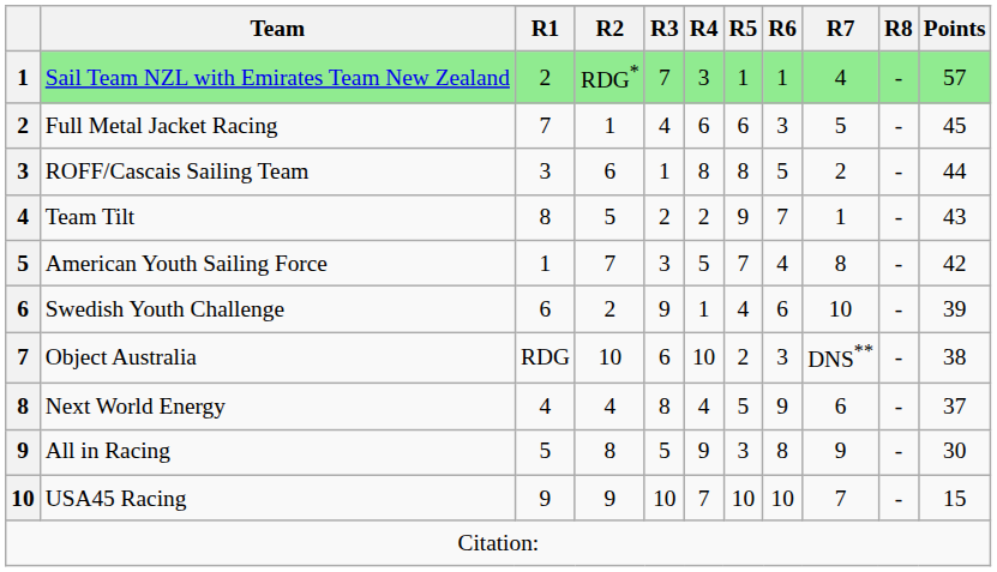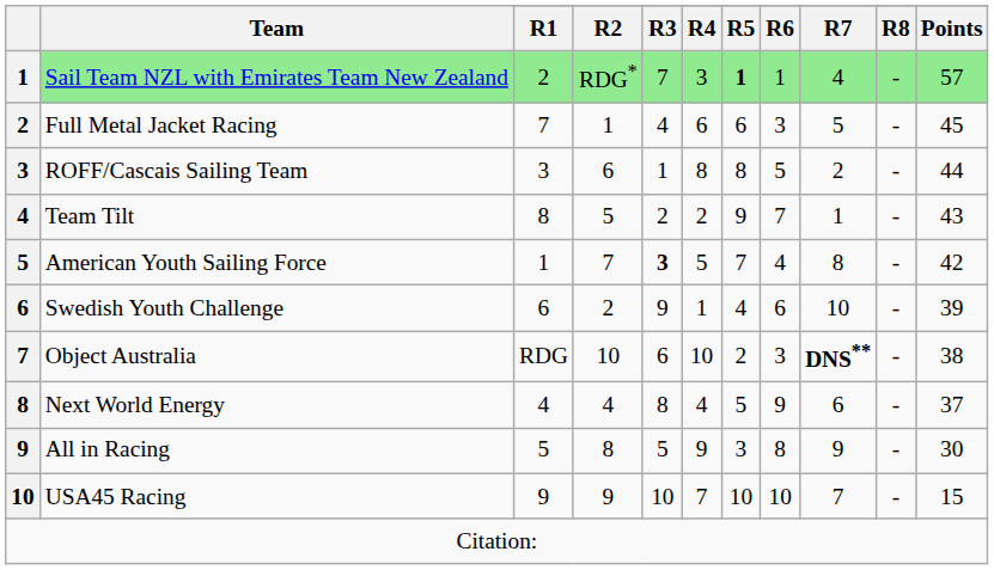 <table class="wikitable" style="font-size:10pt;line-height:1.5;text-align: center;">
 <tr>
 <th rowspan="2"></th>
 <th rowspan="2">Team</th>
 </tr>
 <tr>
 <th>R1</th>
 <th>R2</th>
 <th>R3</th>
 <th>R4</th>
 <th>R5</th>
 <th>R6</th>
 <th>R7</th>
 <th>R8</th>
 <th>Points</th>
 </tr>
 <tr>
 <th>1</th>
 <td align="left" bgcolor="#90EB90"> <a href='#'>Sail Team NZL with Emirates Team New Zealand</a></td>
 <td bgcolor="#90EB90">2</td>
 <td bgcolor="#90EB90">RDG<sup>*</sup></td>
 <td bgcolor="#90EB90">7</td>
 <td bgcolor="#90EB90">3</td>
-<td bgcolor="#90EB90">1</td>
+<td bgcolor="#90EB90"><strong>1</strong></td>
 <td bgcolor="#90EB90">1</td>
 <td bgcolor="#90EB90">4</td>
 <td bgcolor="#90EB90">-</td>
 <td bgcolor="#90EB90">57</td>
 </tr>
 <tr>
 <th>2</th>
 <td align="left"> Full Metal Jacket Racing</td>
 <td>7</td>
 <td>1</td>
 <td>4</td>
 <td>6</td>
 <td>6</td>
 <td>3</td>
 <td>5</td>
 <td>-</td>
 <td>45</td>
 </tr>
 <tr>
 <th>3</th>
 <td align="left"> ROFF/Cascais Sailing Team</td>
 <td>3</td>
 <td>6</td>
 <td>1</td>
 <td>8</td>
 <td>8</td>
 <td>5</td>
 <td>2</td>
 <td>-</td>
 <td>44</td>
 </tr>
 <tr>
 <th>4</th>
 <td align="left"> Team Tilt</td>
 <td>8</td>
 <td>5</td>
 <td>2</td>
 <td>2</td>
 <td>9</td>
 <td>7</td>
 <td>1</td>
 <td>-</td>
 <td>43</td>
 </tr>
 <tr>
 <th>5</th>
 <td align="left"> American Youth Sailing Force</td>
 <td>1</td>
 <td>7</td>
-<td>3</td>
+<td><strong>3</strong></td>
 <td>5</td>
 <td>7</td>
 <td>4</td>
 <td>8</td>
 <td>-</td>
 <td>42</td>
 </tr>
 <tr>
 <th>6</th>
 <td align="left"> Swedish Youth Challenge</td>
 <td>6</td>
 <td>2</td>
 <td>9</td>
 <td>1</td>
 <td>4</td>
 <td>6</td>
 <td>10</td>
 <td>-</td>
 <td>39</td>
 </tr>
 <tr>
 <th>7</th>
 <td align="left"> Object Australia</td>
 <td>RDG</td>
 <td>10</td>
 <td>6</td>
 <td>10</td>
 <td>2</td>
 <td>3</td>
-<td>DNS<sup>**</sup></td>
+<td><strong>DNS<sup>**</sup></strong></td>
 <td>-</td>
 <td>38</td>
 </tr>
 <tr>
 <th>8</th>
 <td align="left"> Next World Energy</td>
 <td>4</td>
 <td>4</td>
 <td>8</td>
 <td>4</td>
 <td>5</td>
 <td>9</td>
 <td>6</td>
 <td>-</td>
 <td>37</td>
 </tr>
 <tr>
 <th>9</th>
 <td align="left"> All in Racing</td>
 <td>5</td>
 <td>8</td>
 <td>5</td>
 <td>9</td>
 <td>3</td>
 <td>8</td>
 <td>9</td>
 <td>-</td>
 <td>30</td>
 </tr>
 <tr>
 <th>10</th>
 <td align="left"> USA45 Racing</td>
 <td>9</td>
 <td>9</td>
 <td>10</td>
 <td>7</td>
 <td>10</td>
 <td>10</td>
 <td>7</td>
 <td>-</td>
 <td>15</td>
 </tr>
 <tr>
 <td colspan="12" align=center>Citation:</td>
 </tr>
 </table>
